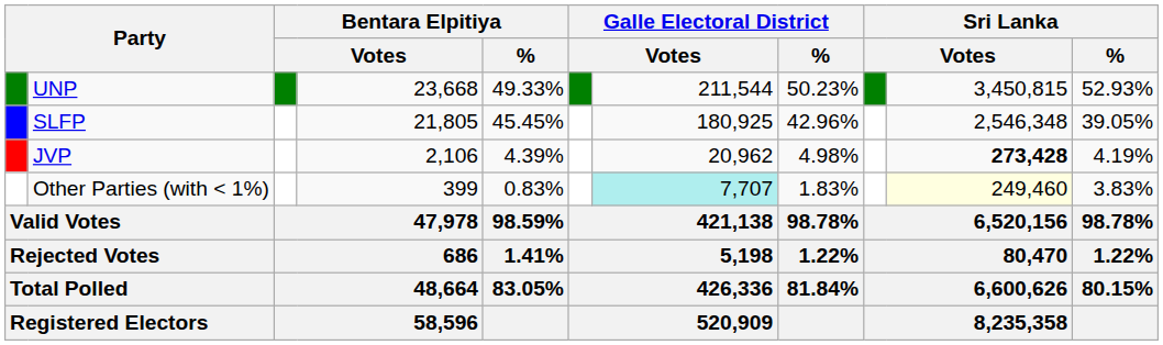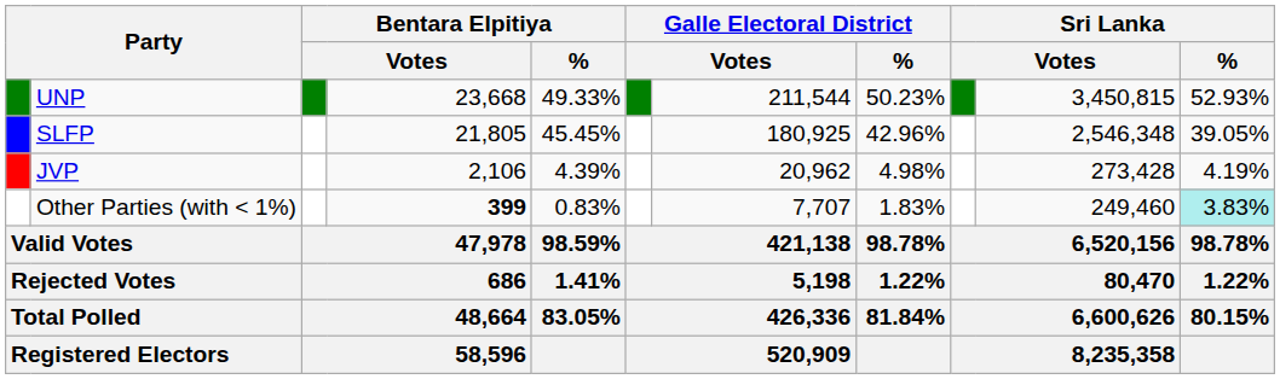 <table class="wikitable">
 <tr>
 <th colspan="2" width="144px"rowspan="2">Party</th>
 <th colspan="3" width="216px">Bentara Elpitiya</th>
 <th colspan="3" width="216px"><a href='#'>Galle Electoral District</a></th>
 <th colspan="3" width="216px">Sri Lanka</th>
 </tr>
 <tr>
 <th colspan="2" width="144px">Votes</th>
 <th>%</th>
 <th colspan="2" width="144px">Votes</th>
 <th>%</th>
 <th colspan="2" width="144px">Votes</th>
 <th>%</th>
 </tr>
 <tr>
 <td style="background-color:green;" width="10px"></td>
 <td style="text-align:left;"><a href='#'>UNP</a></td>
 <td style="background-color:green;" width="10px"></td>
 <td style="text-align:right;">23,668</td>
 <td style="text-align:right;">49.33%</td>
 <td style="background-color:green;" width="10px"></td>
 <td style="text-align:right;">211,544</td>
 <td style="text-align:right;">50.23%</td>
 <td style="background-color:green;" width="10px"></td>
 <td style="text-align:right;">3,450,815</td>
 <td style="text-align:right;">52.93%</td>
 </tr>
 <tr>
 <td style="background-color:blue;" width="10px"></td>
 <td style="text-align:left;"><a href='#'>SLFP</a></td>
 <td style="background-color:white;" width="10px"></td>
 <td style="text-align:right;">21,805</td>
 <td style="text-align:right;">45.45%</td>
 <td style="background-color:white;" width="10px"></td>
 <td style="text-align:right;">180,925</td>
 <td style="text-align:right;">42.96%</td>
 <td style="background-color:white;" width="10px"></td>
 <td style="text-align:right;">2,546,348</td>
 <td style="text-align:right;">39.05%</td>
 </tr>
 <tr>
 <td style="background-color:red;" width="10px"></td>
 <td style="text-align:left;"><a href='#'>JVP</a></td>
 <td style="background-color:white;" width="10px"></td>
 <td style="text-align:right;">2,106</td>
 <td style="text-align:right;">4.39%</td>
 <td style="background-color:white;" width="10px"></td>
 <td style="text-align:right;">20,962</td>
 <td style="text-align:right;">4.98%</td>
 <td style="background-color:white;" width="10px"></td>
-<td style="text-align:right;"><strong>273,428</strong></td>
+<td style="text-align:right;">273,428</td>
 <td style="text-align:right;">4.19%</td>
 </tr>
 <tr>
 <td style="background-color:white;" width="10px"></td>
 <td style="text-align:left;">Other Parties (with < 1%)</td>
 <td style="background-color:white;" width="10px"></td>
-<td style="text-align:right;">399</td>
+<td style="text-align:right;"><strong>399</strong></td>
 <td style="text-align:right;">0.83%</td>
 <td style="background-color:white;" width="10px"></td>
-<td style="background: paleturquoise; text-align:right;">7,707</td>
+<td style="text-align:right;">7,707</td>
 <td style="text-align:right;">1.83%</td>
 <td style="background-color:white;" width="10px"></td>
-<td style="background: lightyellow; text-align:right;">249,460</td>
-<td style="text-align:right;">3.83%</td>
+<td style="text-align:right;">249,460</td>
+<td style="background: paleturquoise; text-align:right;">3.83%</td>
 </tr>
 <tr>
 <th colspan="2" width="144px"style="text-align:left;">Valid Votes</th>
 <th style="text-align:right;"colspan="2" width="144px">47,978</th>
 <th style="text-align:right;">98.59%</th>
 <th style="text-align:right;"colspan="2" width="144px">421,138</th>
 <th style="text-align:right;">98.78%</th>
 <th style="text-align:right;"colspan="2" width="144px">6,520,156</th>
 <th style="text-align:right;">98.78%</th>
 </tr>
 <tr>
 <th colspan="2" width="144px"style="text-align:left;">Rejected Votes</th>
 <th style="text-align:right;"colspan="2" width="144px">686</th>
 <th style="text-align:right;">1.41%</th>
 <th style="text-align:right;"colspan="2" width="144px">5,198</th>
 <th style="text-align:right;">1.22%</th>
 <th style="text-align:right;"colspan="2" width="144px">80,470</th>
 <th style="text-align:right;">1.22%</th>
 </tr>
 <tr>
 <th colspan="2" width="144px"style="text-align:left;">Total Polled</th>
 <th style="text-align:right;"colspan="2" width="144px">48,664</th>
 <th style="text-align:right;">83.05%</th>
 <th style="text-align:right;"colspan="2" width="144px">426,336</th>
 <th style="text-align:right;">81.84%</th>
 <th style="text-align:right;"colspan="2" width="144px">6,600,626</th>
 <th style="text-align:right;">80.15%</th>
 </tr>
 <tr>
 <th colspan="2" width="144px"style="text-align:left;">Registered Electors</th>
 <th style="text-align:right;"colspan="2" width="144px">58,596</th>
 <th></th>
 <th style="text-align:right;"colspan="2" width="144px">520,909</th>
 <th></th>
 <th style="text-align:right;"colspan="2" width="144px">8,235,358</th>
 <th></th>
 </tr>
 </table>
